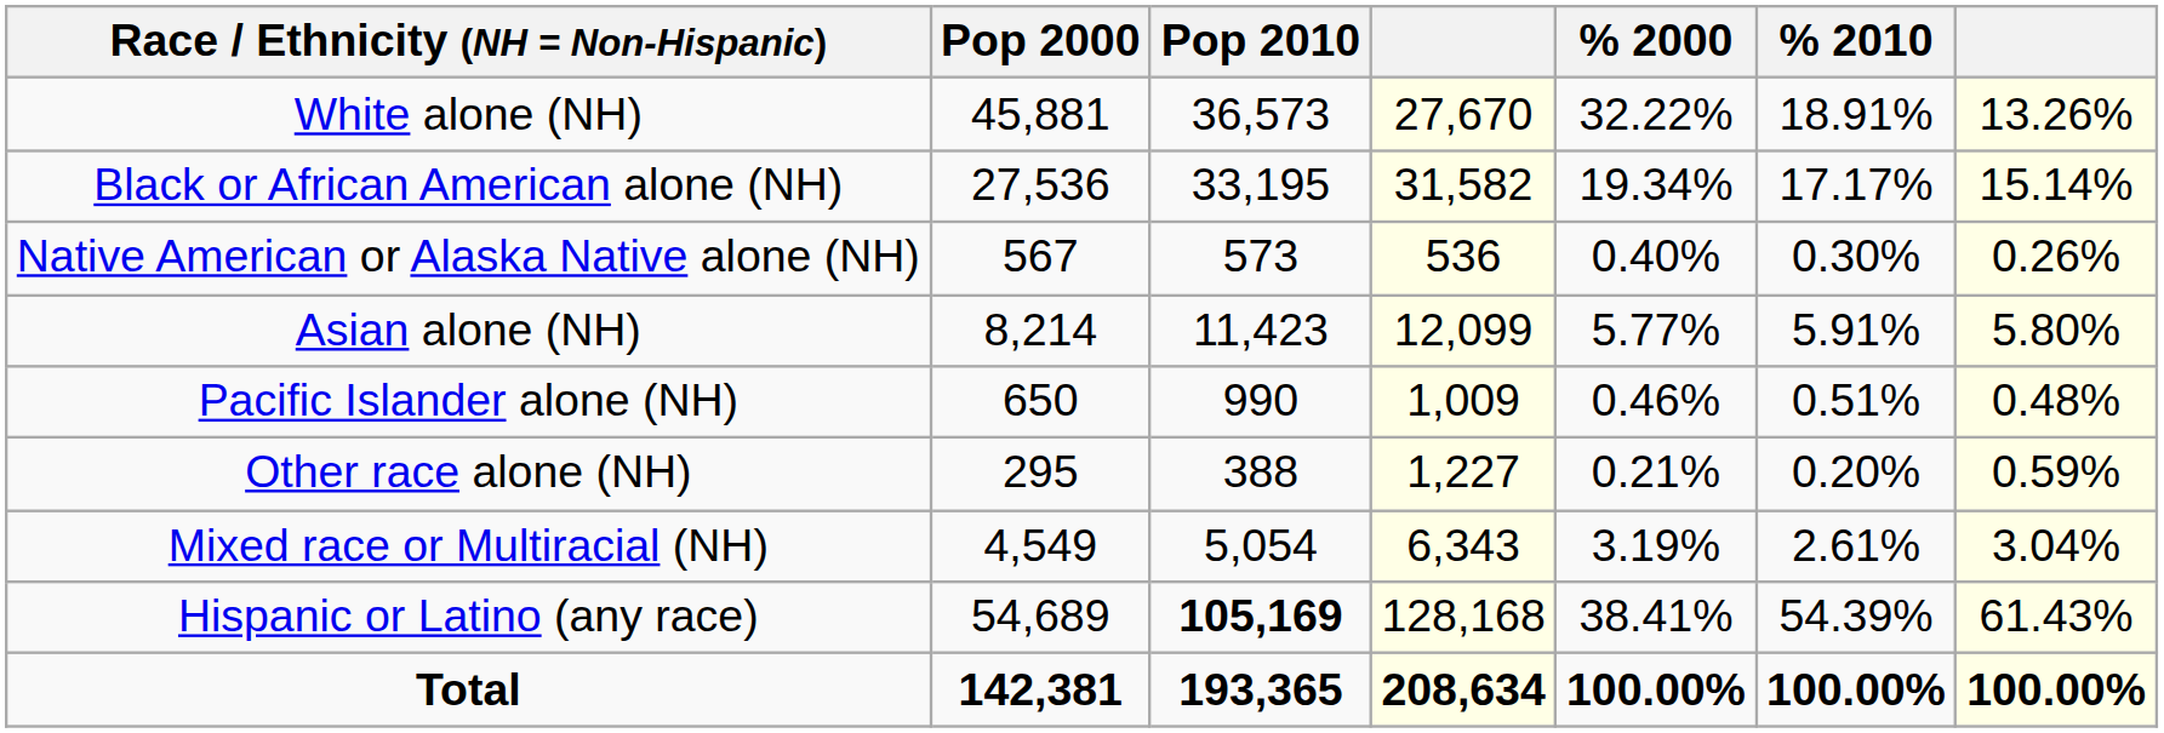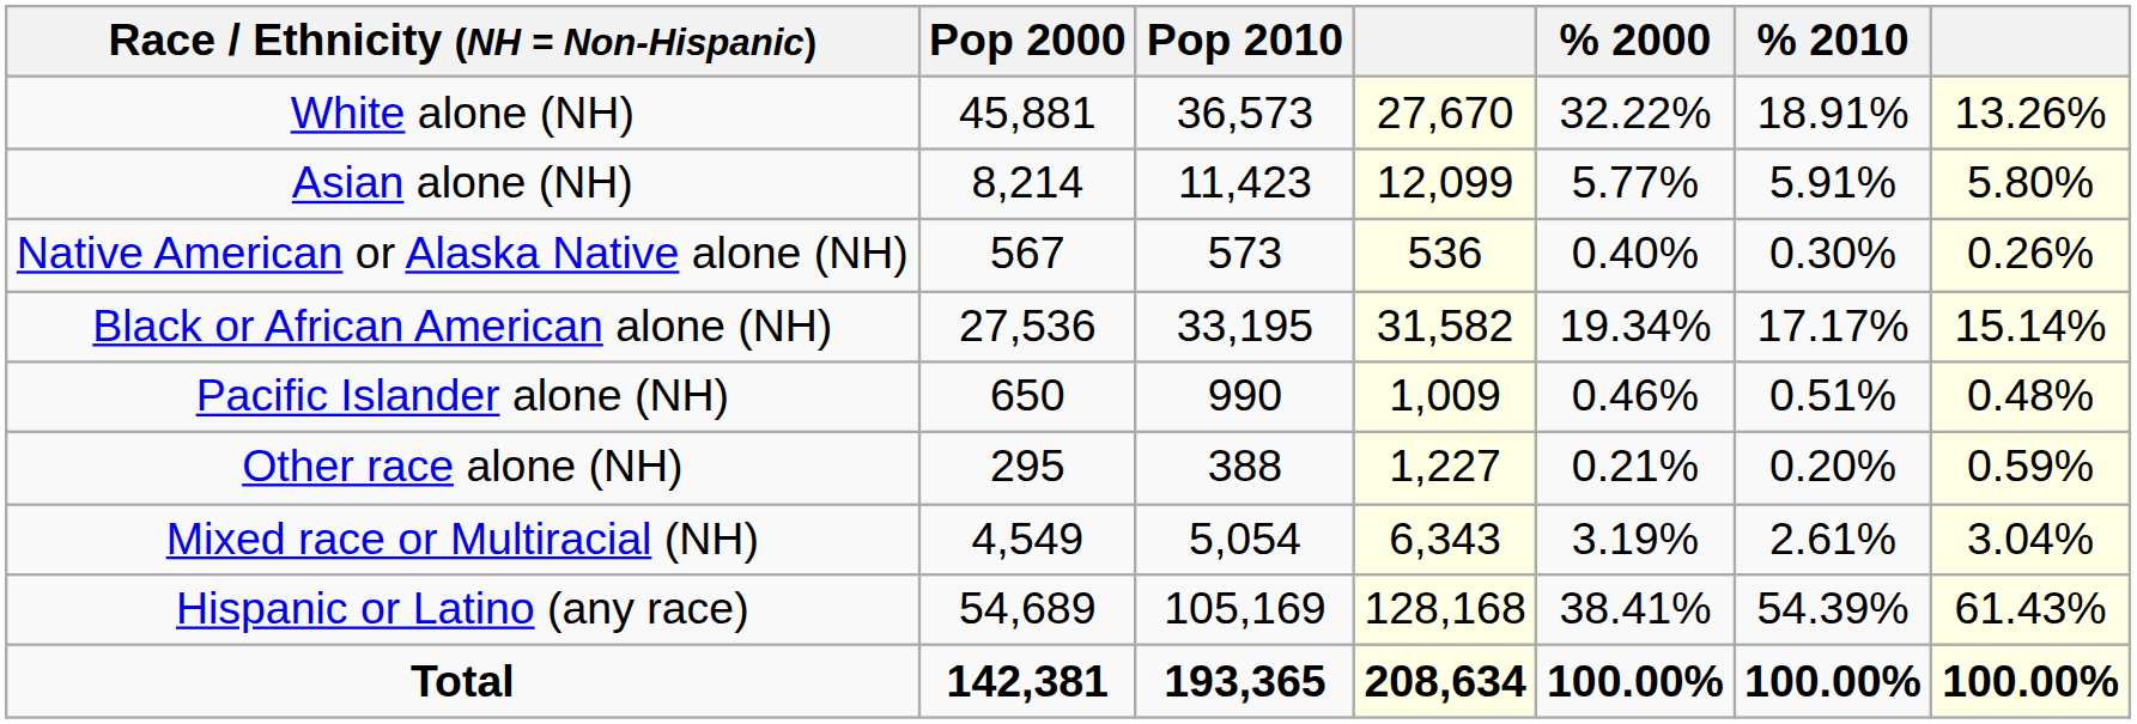 <table class="wikitable" style="text-align:center;">
 <tr>
 <th>Race / Ethnicity <small>(<em>NH = Non-Hispanic</em>)</small></th>
 <th>Pop 2000</th>
 <th>Pop 2010</th>
 <th></th>
 <th>% 2000</th>
 <th>% 2010</th>
 <th></th>
 </tr>
 <tr>
 <td><a href='#'>White</a> alone (NH)</td>
 <td>45,881</td>
 <td>36,573</td>
 <td style='background: #ffffe6;'>27,670</td>
 <td>32.22%</td>
 <td>18.91%</td>
 <td style='background: #ffffe6;'>13.26%</td>
 </tr>
 <tr>
-<td><a href='#'>Black or African American</a> alone (NH)</td>
-<td>27,536</td>
-<td>33,195</td>
-<td style='background: #ffffe6;'>31,582</td>
-<td>19.34%</td>
-<td>17.17%</td>
-<td style='background: #ffffe6;'>15.14%</td>
+<td><a href='#'>Asian</a> alone (NH)</td>
+<td>8,214</td>
+<td>11,423</td>
+<td style='background: #ffffe6;'>12,099</td>
+<td>5.77%</td>
+<td>5.91%</td>
+<td style='background: #ffffe6;'>5.80%</td>
 </tr>
 <tr>
 <td><a href='#'>Native American</a> or <a href='#'>Alaska Native</a> alone (NH)</td>
 <td>567</td>
 <td>573</td>
 <td style='background: #ffffe6;'>536</td>
 <td>0.40%</td>
 <td>0.30%</td>
 <td style='background: #ffffe6;'>0.26%</td>
 </tr>
 <tr>
-<td><a href='#'>Asian</a> alone (NH)</td>
-<td>8,214</td>
-<td>11,423</td>
-<td style='background: #ffffe6;'>12,099</td>
-<td>5.77%</td>
-<td>5.91%</td>
-<td style='background: #ffffe6;'>5.80%</td>
+<td><a href='#'>Black or African American</a> alone (NH)</td>
+<td>27,536</td>
+<td>33,195</td>
+<td style='background: #ffffe6;'>31,582</td>
+<td>19.34%</td>
+<td>17.17%</td>
+<td style='background: #ffffe6;'>15.14%</td>
 </tr>
 <tr>
 <td><a href='#'>Pacific Islander</a> alone (NH)</td>
 <td>650</td>
 <td>990</td>
 <td style='background: #ffffe6;'>1,009</td>
 <td>0.46%</td>
 <td>0.51%</td>
 <td style='background: #ffffe6;'>0.48%</td>
 </tr>
 <tr>
 <td><a href='#'>Other race</a> alone (NH)</td>
 <td>295</td>
 <td>388</td>
 <td style='background: #ffffe6;'>1,227</td>
 <td>0.21%</td>
 <td>0.20%</td>
 <td style='background: #ffffe6;'>0.59%</td>
 </tr>
 <tr>
 <td><a href='#'>Mixed race or Multiracial</a> (NH)</td>
 <td>4,549</td>
 <td>5,054</td>
 <td style='background: #ffffe6;'>6,343</td>
 <td>3.19%</td>
 <td>2.61%</td>
 <td style='background: #ffffe6;'>3.04%</td>
 </tr>
 <tr>
 <td><a href='#'>Hispanic or Latino</a> (any race)</td>
 <td>54,689</td>
-<td><strong>105,169</strong></td>
+<td>105,169</td>
 <td style='background: #ffffe6;'>128,168</td>
 <td>38.41%</td>
 <td>54.39%</td>
 <td style='background: #ffffe6;'>61.43%</td>
 </tr>
 <tr>
 <td><strong>Total</strong></td>
 <td><strong>142,381</strong></td>
 <td><strong>193,365</strong></td>
 <td style='background: #ffffe6;'><strong>208,634</strong></td>
 <td><strong>100.00%</strong></td>
 <td><strong>100.00%</strong></td>
 <td style='background: #ffffe6;'><strong>100.00%</strong></td>
 </tr>
 </table>
